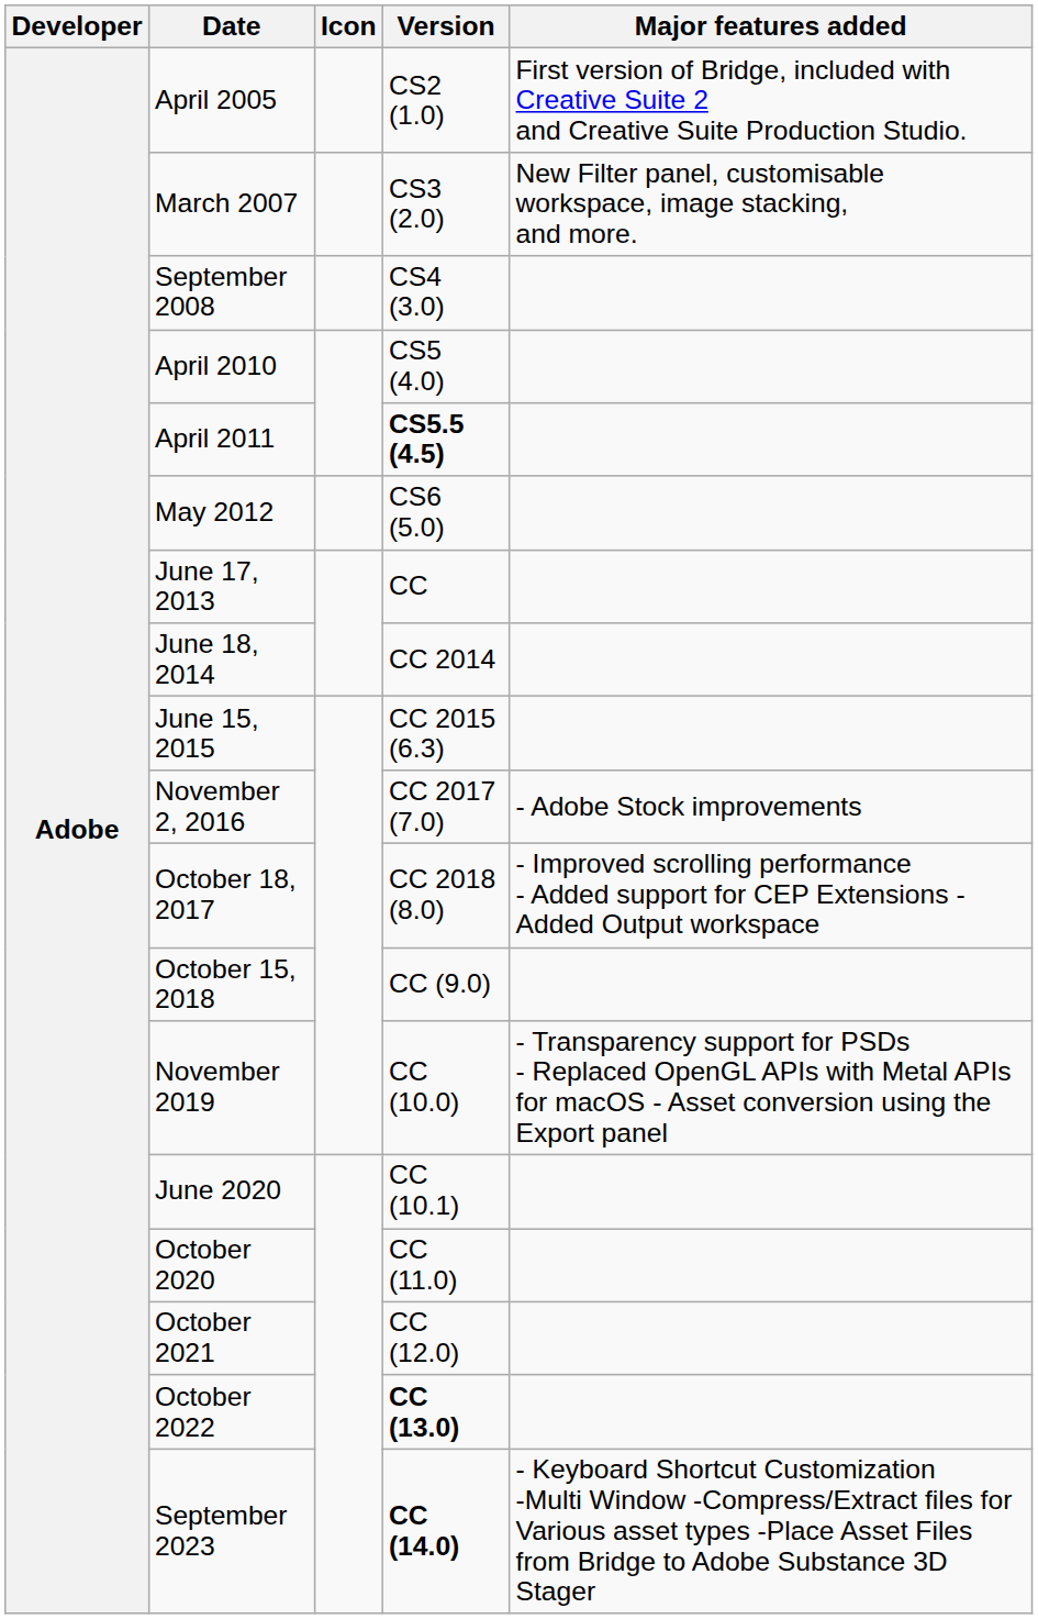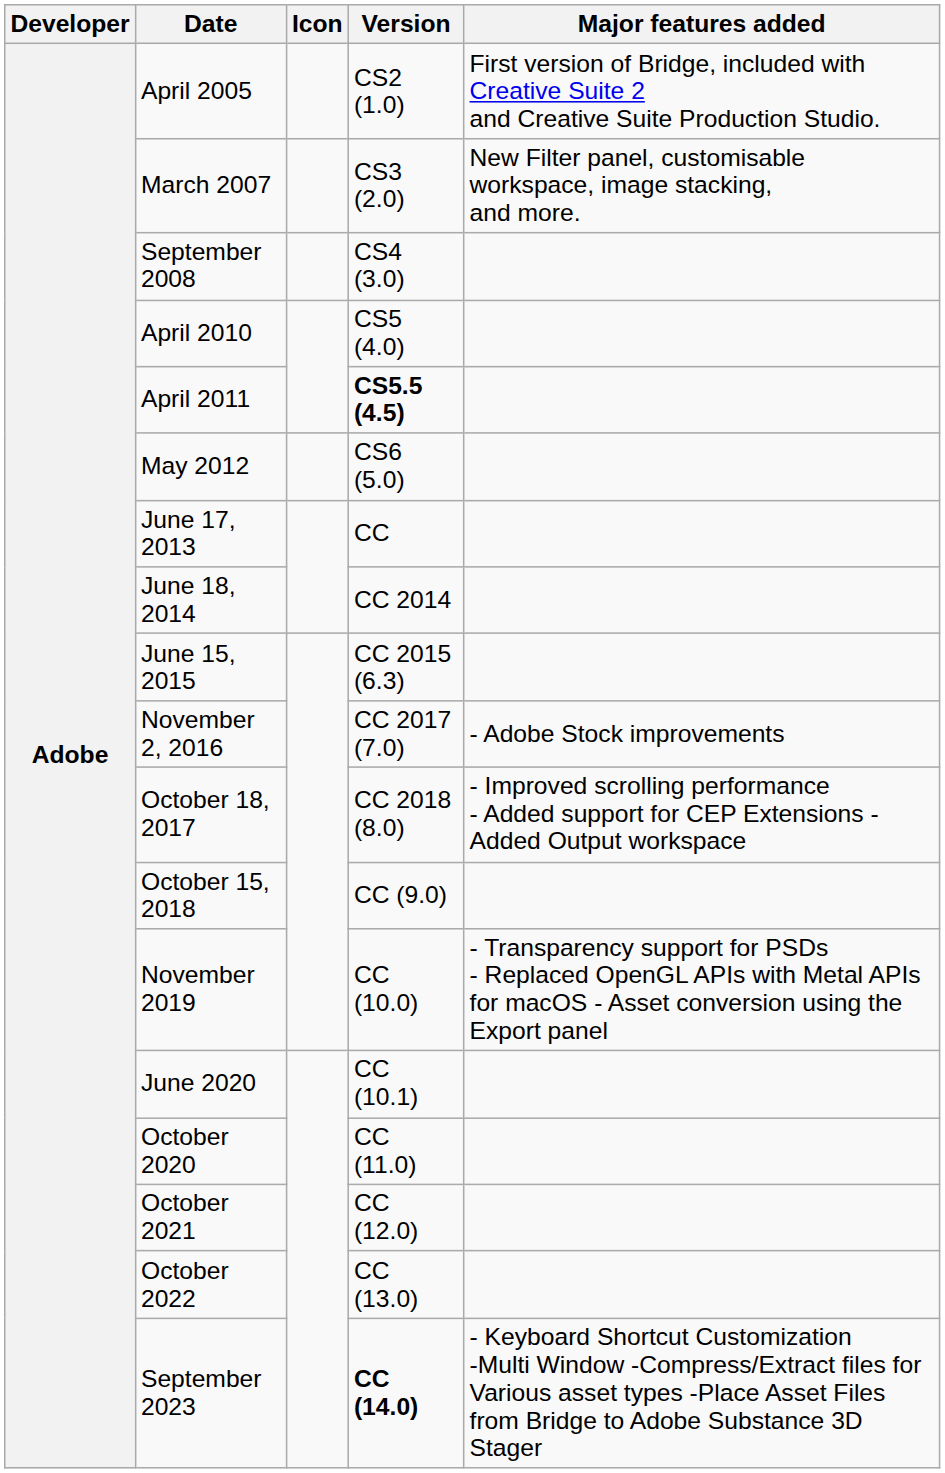 <table class="wikitable">
 <tr>
 <th>Developer</th>
 <th>Date</th>
 <th>Icon</th>
 <th>Version</th>
 <th>Major features added</th>
 </tr>
 <tr>
 <th rowspan="18">Adobe</th>
 <td>April 2005</td>
 <td></td>
 <td>CS2 (1.0)</td>
 <td>First version of Bridge, included with <a href='#'>Creative Suite 2</a><br>and Creative Suite Production Studio.</td>
 </tr>
 <tr>
 <td>March 2007</td>
 <td></td>
 <td>CS3 (2.0)</td>
 <td>New Filter panel, customisable workspace, image stacking,<br>and more.</td>
 </tr>
 <tr>
 <td>September 2008</td>
 <td></td>
 <td>CS4 (3.0)</td>
 <td></td>
 </tr>
 <tr>
 <td>April 2010</td>
 <td rowspan="2"></td>
 <td>CS5 (4.0)</td>
 <td></td>
 </tr>
 <tr>
 <td>April 2011</td>
 <td><strong>CS5.5 (4.5)</strong></td>
 <td></td>
 </tr>
 <tr>
 <td>May 2012</td>
 <td></td>
 <td>CS6 (5.0)</td>
 <td></td>
 </tr>
 <tr>
 <td>June 17, 2013</td>
 <td rowspan="2"></td>
 <td>CC</td>
 <td></td>
 </tr>
 <tr>
 <td>June 18, 2014</td>
 <td>CC 2014</td>
 <td></td>
 </tr>
 <tr>
 <td>June 15, 2015</td>
 <td rowspan="5"></td>
 <td>CC 2015 (6.3)</td>
 <td></td>
 </tr>
 <tr>
 <td>November 2, 2016</td>
 <td>CC 2017 (7.0)</td>
 <td>- Adobe Stock improvements</td>
 </tr>
 <tr>
 <td>October 18, 2017</td>
 <td>CC 2018 (8.0)</td>
 <td>- Improved scrolling performance<br>- Added support for CEP Extensions - Added Output workspace</td>
 </tr>
 <tr>
 <td>October 15, 2018</td>
 <td>CC (9.0)</td>
 <td></td>
 </tr>
 <tr>
 <td>November 2019</td>
 <td>CC (10.0)</td>
 <td>- Transparency support for PSDs<br>- Replaced OpenGL APIs with Metal APIs for macOS - Asset conversion using the Export panel</td>
 </tr>
 <tr>
 <td>June 2020</td>
 <td rowspan="5"></td>
 <td>CC (10.1)</td>
 <td></td>
 </tr>
 <tr>
 <td>October 2020</td>
 <td>CC (11.0)</td>
 <td></td>
 </tr>
 <tr>
 <td>October 2021</td>
 <td>CC (12.0)</td>
 </tr>
 <tr>
 <td>October 2022</td>
-<td><strong>CC (13.0)</strong></td>
+<td>CC (13.0)</td>
 <td></td>
 </tr>
 <tr>
 <td>September 2023</td>
 <td><strong>CC (14.0)</strong></td>
 <td>- Keyboard Shortcut Customization<br>-Multi Window -Compress/Extract files for Various asset types -Place Asset Files from Bridge to Adobe Substance 3D Stager</td>
 </tr>
 </table>
